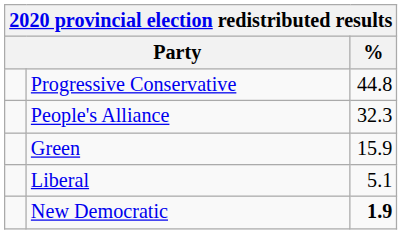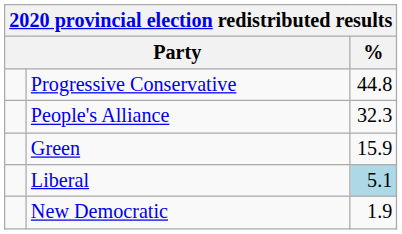 <table class="wikitable">
 <tr>
 <th colspan="4"><a href='#'>2020 provincial election</a> redistributed results</th>
 </tr>
 <tr>
 <th bgcolor="#DDDDFF" width="130px" colspan="2">Party</th>
 <th bgcolor="#DDDDFF" width="30px">%</th>
 </tr>
 <tr>
 <td> </td>
 <td><a href='#'>Progressive Conservative</a></td>
 <td align=right>44.8</td>
 </tr>
 <tr>
 <td> </td>
 <td><a href='#'>People's Alliance</a></td>
 <td align=right>32.3</td>
 </tr>
 <tr>
 <td> </td>
 <td><a href='#'>Green</a></td>
 <td align=right>15.9</td>
 </tr>
 <tr>
 <td> </td>
 <td><a href='#'>Liberal</a></td>
-<td align=right>5.1</td>
+<td align=right style="background: lightblue;">5.1</td>
 </tr>
 <tr>
 <td> </td>
 <td><a href='#'>New Democratic</a></td>
-<td align=right><strong>1.9</strong></td>
+<td align=right>1.9</td>
 </tr>
 </table>
